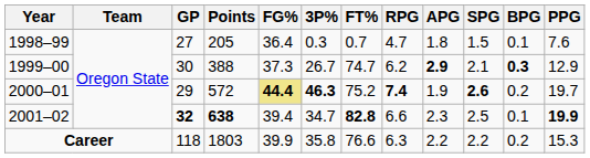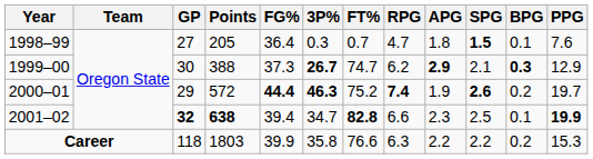 <table class="wikitable sortable">
 <tr>
 <th>Year</th>
 <th>Team</th>
 <th>GP</th>
 <th>Points</th>
 <th>FG%</th>
 <th>3P%</th>
 <th>FT%</th>
 <th>RPG</th>
 <th>APG</th>
 <th>SPG</th>
 <th>BPG</th>
 <th>PPG</th>
 </tr>
 <tr>
 <td>1998–99</td>
 <td rowspan=4><a href='#'>Oregon State</a></td>
 <td>27</td>
 <td>205</td>
 <td>36.4</td>
 <td>0.3</td>
 <td>0.7</td>
 <td>4.7</td>
 <td>1.8</td>
-<td>1.5</td>
+<td><strong>1.5</strong></td>
 <td>0.1</td>
 <td>7.6</td>
 </tr>
 <tr>
 <td>1999–00</td>
 <td>30</td>
 <td>388</td>
 <td>37.3</td>
-<td>26.7</td>
+<td><strong>26.7</strong></td>
 <td>74.7</td>
 <td>6.2</td>
 <td><strong>2.9</strong></td>
 <td>2.1</td>
 <td><strong>0.3</strong></td>
 <td>12.9</td>
 </tr>
 <tr>
 <td>2000–01</td>
 <td>29</td>
 <td>572</td>
-<td style="background: khaki;"><strong>44.4</strong></td>
+<td><strong>44.4</strong></td>
 <td><strong>46.3</strong></td>
 <td>75.2</td>
 <td><strong>7.4</strong></td>
 <td>1.9</td>
 <td><strong>2.6</strong></td>
 <td>0.2</td>
 <td>19.7</td>
 </tr>
 <tr>
 <td>2001–02</td>
 <td><strong>32</strong></td>
 <td><strong>638</strong></td>
 <td>39.4</td>
 <td>34.7</td>
 <td><strong>82.8</strong></td>
 <td>6.6</td>
 <td>2.3</td>
 <td>2.5</td>
 <td>0.1</td>
 <td><strong>19.9</strong></td>
 </tr>
 <tr class="sortbottom">
 <td align=center colspan=2><strong>Career</strong></td>
 <td>118</td>
 <td>1803</td>
 <td>39.9</td>
 <td>35.8</td>
 <td>76.6</td>
 <td>6.3</td>
 <td>2.2</td>
 <td>2.2</td>
 <td>0.2</td>
 <td>15.3</td>
 </tr>
 </table>
